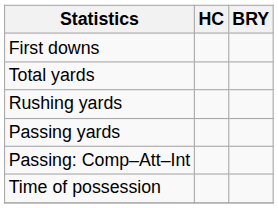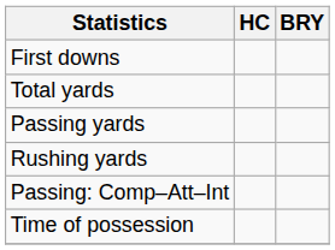 <table class="wikitable" style="float: left;">
 <tr>
 <th>Statistics</th>
 <th>HC</th>
 <th>BRY</th>
 </tr>
 <tr>
 <td>First downs</td>
 <td></td>
 <td></td>
 </tr>
 <tr>
 <td>Total yards</td>
 <td></td>
 <td></td>
 </tr>
 <tr>
-<td>Rushing yards</td>
+<td>Passing yards</td>
 <td></td>
 <td></td>
 </tr>
 <tr>
-<td>Passing yards</td>
+<td>Rushing yards</td>
 <td></td>
 <td></td>
 </tr>
 <tr>
 <td>Passing: Comp–Att–Int</td>
 <td></td>
 <td></td>
 </tr>
 <tr>
 <td>Time of possession</td>
 <td></td>
 <td></td>
 </tr>
 <tr>
 </tr>
 </table>
